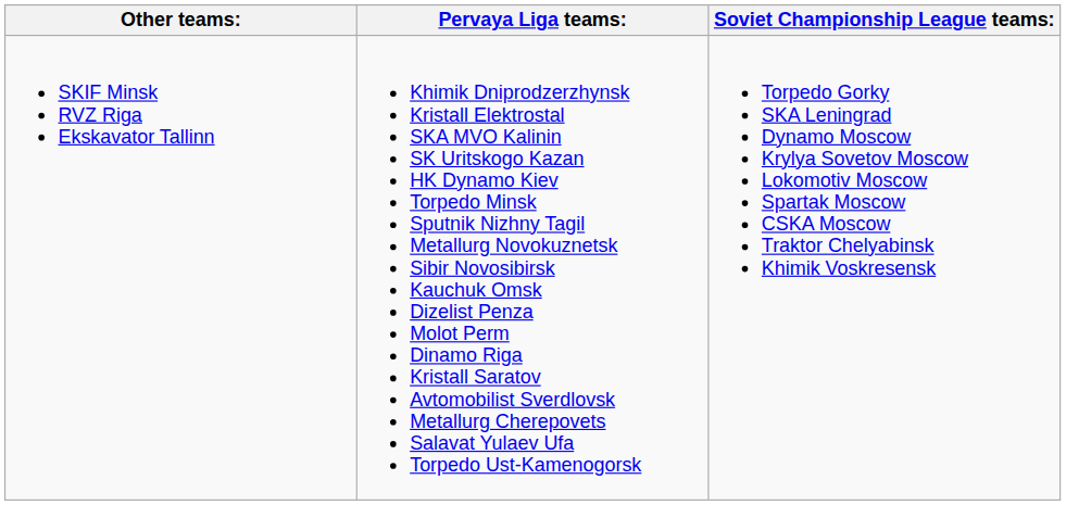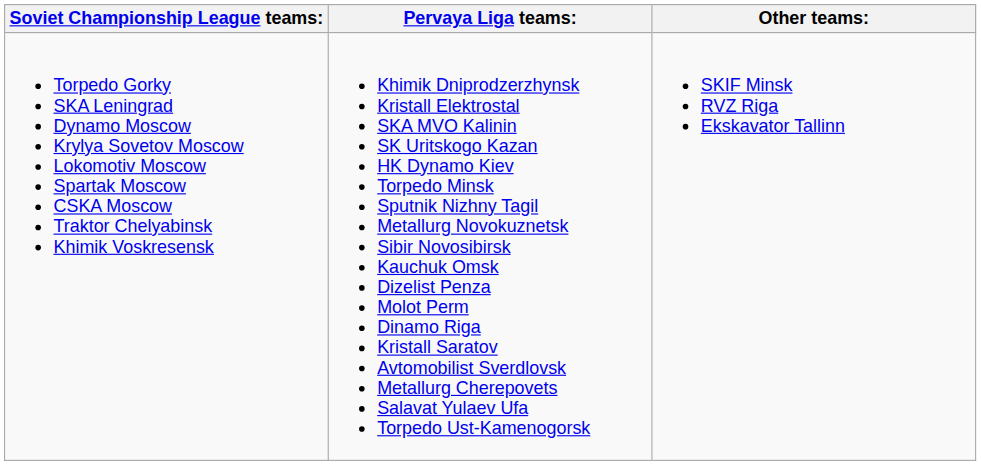 <table class="wikitable">
 <tr valign="top" bgcolor="#e0e0e0">
+<th align="center" width="33%"><a href='#'>Soviet Championship League</a> teams:</th>
+<th align="center" width="33%"><a href='#'>Pervaya Liga</a> teams:</th>
 <th align="center" width="33%">Other teams:</th>
-<th align="center" width="33%"><a href='#'>Pervaya Liga</a> teams:</th>
-<th align="center" width="33%"><a href='#'>Soviet Championship League</a> teams:</th>
 </tr>
 <tr valign="top">
+<td><br><ul><li><a href='#'>Torpedo Gorky</a></li><li><a href='#'>SKA Leningrad</a></li><li><a href='#'>Dynamo Moscow</a></li><li><a href='#'>Krylya Sovetov Moscow</a></li><li><a href='#'>Lokomotiv Moscow</a></li><li><a href='#'>Spartak Moscow</a></li><li><a href='#'>CSKA Moscow</a></li><li><a href='#'>Traktor Chelyabinsk</a></li><li><a href='#'>Khimik Voskresensk</a></li></ul></td>
+<td><br><ul><li><a href='#'>Khimik Dniprodzerzhynsk</a></li><li><a href='#'>Kristall Elektrostal</a></li><li><a href='#'>SKA MVO Kalinin</a></li><li><a href='#'>SK Uritskogo Kazan</a></li><li><a href='#'>HK Dynamo Kiev</a></li><li><a href='#'>Torpedo Minsk</a></li><li><a href='#'>Sputnik Nizhny Tagil</a></li><li><a href='#'>Metallurg Novokuznetsk</a></li><li><a href='#'>Sibir Novosibirsk</a></li><li><a href='#'>Kauchuk Omsk</a></li><li><a href='#'>Dizelist Penza</a></li><li><a href='#'>Molot Perm</a></li><li><a href='#'>Dinamo Riga</a></li><li><a href='#'>Kristall Saratov</a></li><li><a href='#'>Avtomobilist Sverdlovsk</a></li><li><a href='#'>Metallurg Cherepovets</a></li><li><a href='#'>Salavat Yulaev Ufa</a></li><li><a href='#'>Torpedo Ust-Kamenogorsk</a></li></ul></td>
 <td><br><ul><li><a href='#'>SKIF Minsk</a></li><li><a href='#'>RVZ Riga</a></li><li><a href='#'>Ekskavator Tallinn</a></li></ul></td>
-<td><br><ul><li><a href='#'>Khimik Dniprodzerzhynsk</a></li><li><a href='#'>Kristall Elektrostal</a></li><li><a href='#'>SKA MVO Kalinin</a></li><li><a href='#'>SK Uritskogo Kazan</a></li><li><a href='#'>HK Dynamo Kiev</a></li><li><a href='#'>Torpedo Minsk</a></li><li><a href='#'>Sputnik Nizhny Tagil</a></li><li><a href='#'>Metallurg Novokuznetsk</a></li><li><a href='#'>Sibir Novosibirsk</a></li><li><a href='#'>Kauchuk Omsk</a></li><li><a href='#'>Dizelist Penza</a></li><li><a href='#'>Molot Perm</a></li><li><a href='#'>Dinamo Riga</a></li><li><a href='#'>Kristall Saratov</a></li><li><a href='#'>Avtomobilist Sverdlovsk</a></li><li><a href='#'>Metallurg Cherepovets</a></li><li><a href='#'>Salavat Yulaev Ufa</a></li><li><a href='#'>Torpedo Ust-Kamenogorsk</a></li></ul></td>
-<td><br><ul><li><a href='#'>Torpedo Gorky</a></li><li><a href='#'>SKA Leningrad</a></li><li><a href='#'>Dynamo Moscow</a></li><li><a href='#'>Krylya Sovetov Moscow</a></li><li><a href='#'>Lokomotiv Moscow</a></li><li><a href='#'>Spartak Moscow</a></li><li><a href='#'>CSKA Moscow</a></li><li><a href='#'>Traktor Chelyabinsk</a></li><li><a href='#'>Khimik Voskresensk</a></li></ul></td>
 </tr>
 </table>
